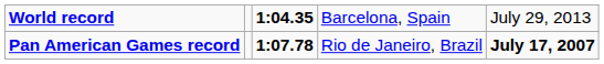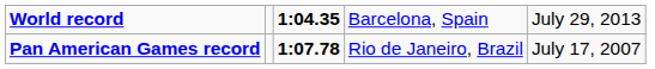 <table class="wikitable">
 <tr>
 <td><strong><a href='#'>World record</a></strong></td>
 <td></td>
 <td><strong>1:04.35</strong></td>
 <td><a href='#'>Barcelona</a>, <a href='#'>Spain</a></td>
 <td>July 29, 2013</td>
 </tr>
 <tr>
 <td><strong><a href='#'>Pan American Games record</a></strong></td>
 <td></td>
 <td><strong>1:07.78</strong></td>
 <td><a href='#'>Rio de Janeiro</a>, <a href='#'>Brazil</a></td>
-<td><strong>July 17, 2007</strong></td>
+<td>July 17, 2007</td>
 </tr>
 </table>
